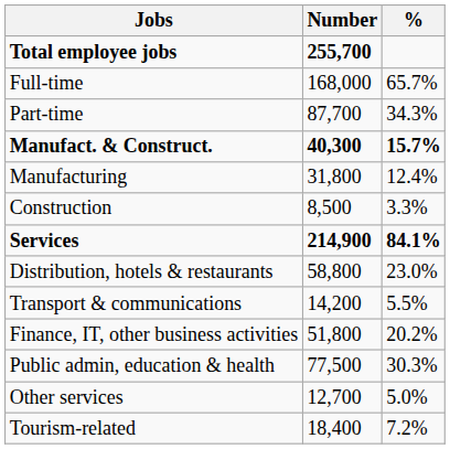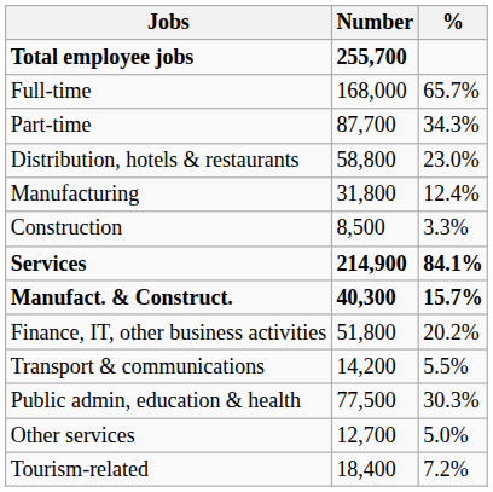 <table class="wikitable floatright">
 <tr>
 <th scope="col">Jobs</th>
 <th scope="col">Number</th>
 <th scope="col">%</th>
 </tr>
 <tr>
 <td><strong>Total employee jobs</strong></td>
 <td><strong>255,700</strong></td>
 <td></td>
 </tr>
 <tr>
 <td>Full-time</td>
 <td>168,000</td>
 <td>65.7%</td>
 </tr>
 <tr>
 <td>Part-time</td>
 <td>87,700</td>
 <td>34.3%</td>
 </tr>
 <tr>
-<td><strong>Manufact. & Construct.</strong></td>
-<td><strong>40,300</strong></td>
-<td><strong>15.7%</strong></td>
+<td style="left-padding: 20pt">Distribution, hotels & restaurants</td>
+<td>58,800</td>
+<td>23.0%</td>
 </tr>
 <tr>
 <td>Manufacturing</td>
 <td>31,800</td>
 <td>12.4%</td>
 </tr>
 <tr>
 <td>Construction</td>
 <td>8,500</td>
 <td>3.3%</td>
 </tr>
 <tr>
 <td><strong>Services</strong></td>
 <td><strong>214,900</strong></td>
 <td><strong>84.1%</strong></td>
 </tr>
 <tr>
-<td style="left-padding: 20pt">Distribution, hotels & restaurants</td>
-<td>58,800</td>
-<td>23.0%</td>
+<td><strong>Manufact. & Construct.</strong></td>
+<td><strong>40,300</strong></td>
+<td><strong>15.7%</strong></td>
+</tr>
+<tr>
+<td style="left-padding: 20pt">Finance, IT, other business activities</td>
+<td>51,800</td>
+<td>20.2%</td>
 </tr>
 <tr>
 <td style="left-padding: 20pt">Transport & communications</td>
 <td>14,200</td>
 <td>5.5%</td>
-</tr>
-<tr>
-<td style="left-padding: 20pt">Finance, IT, other business activities</td>
-<td>51,800</td>
-<td>20.2%</td>
 </tr>
 <tr>
 <td style="left-padding: 20pt">Public admin, education & health</td>
 <td>77,500</td>
 <td>30.3%</td>
 </tr>
 <tr>
 <td style="left-padding: 20pt">Other services</td>
 <td>12,700</td>
 <td>5.0%</td>
 </tr>
 <tr>
 <td style="left-padding: 20pt">Tourism-related</td>
 <td>18,400</td>
 <td>7.2%</td>
 </tr>
 </table>
